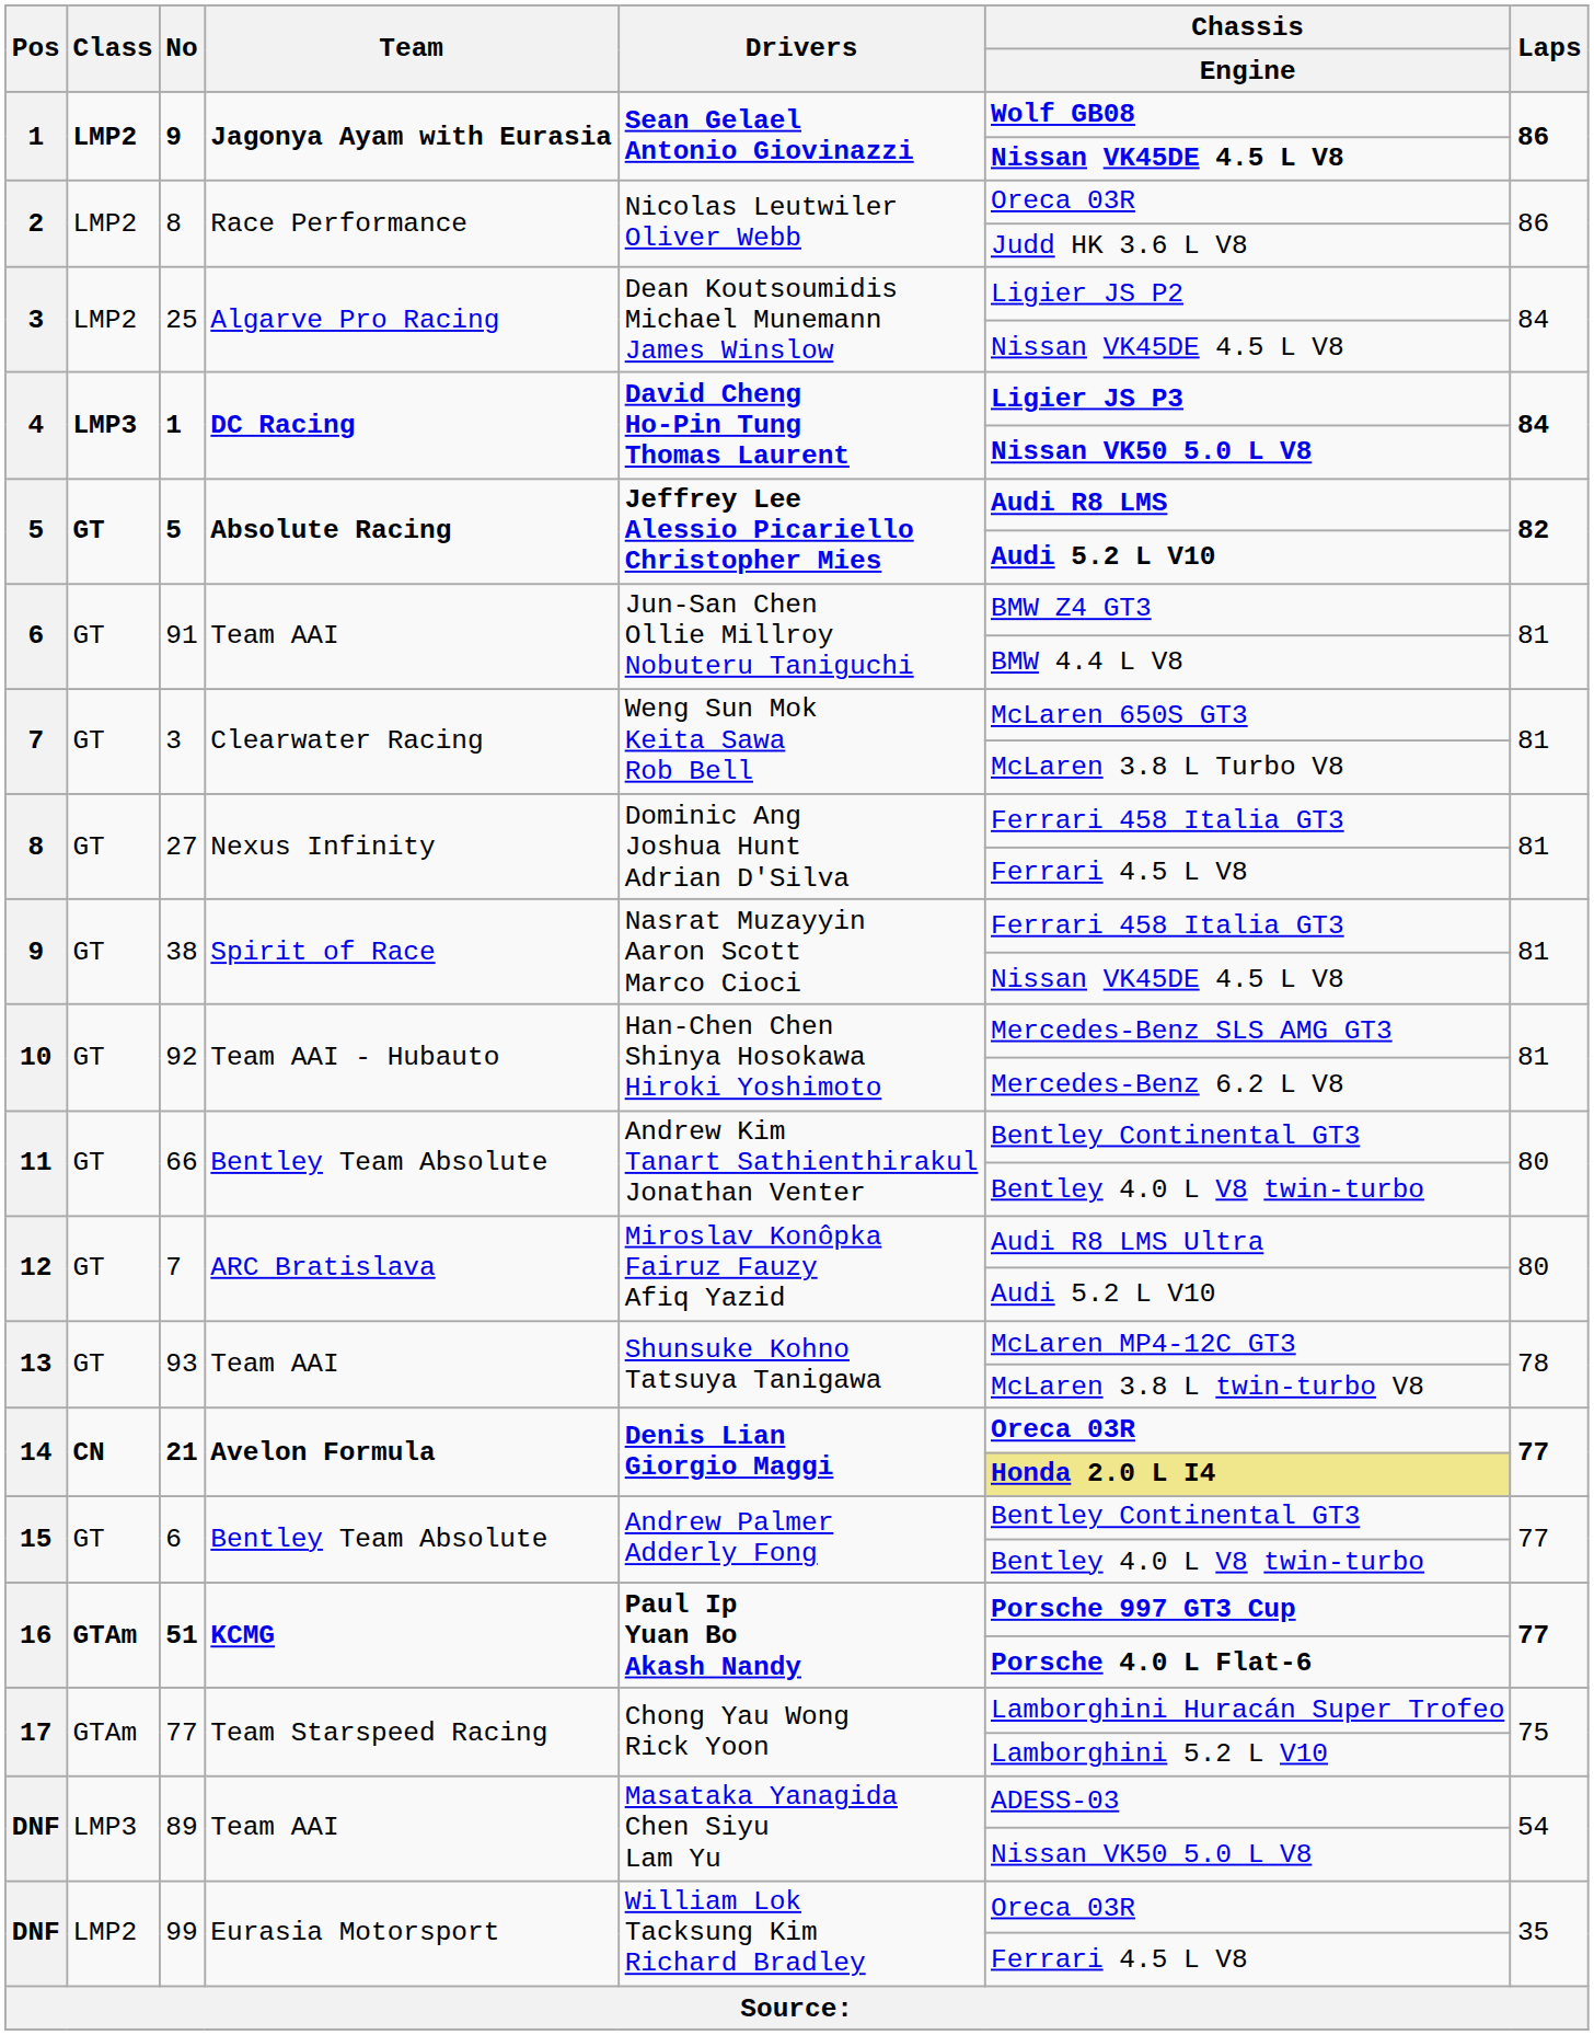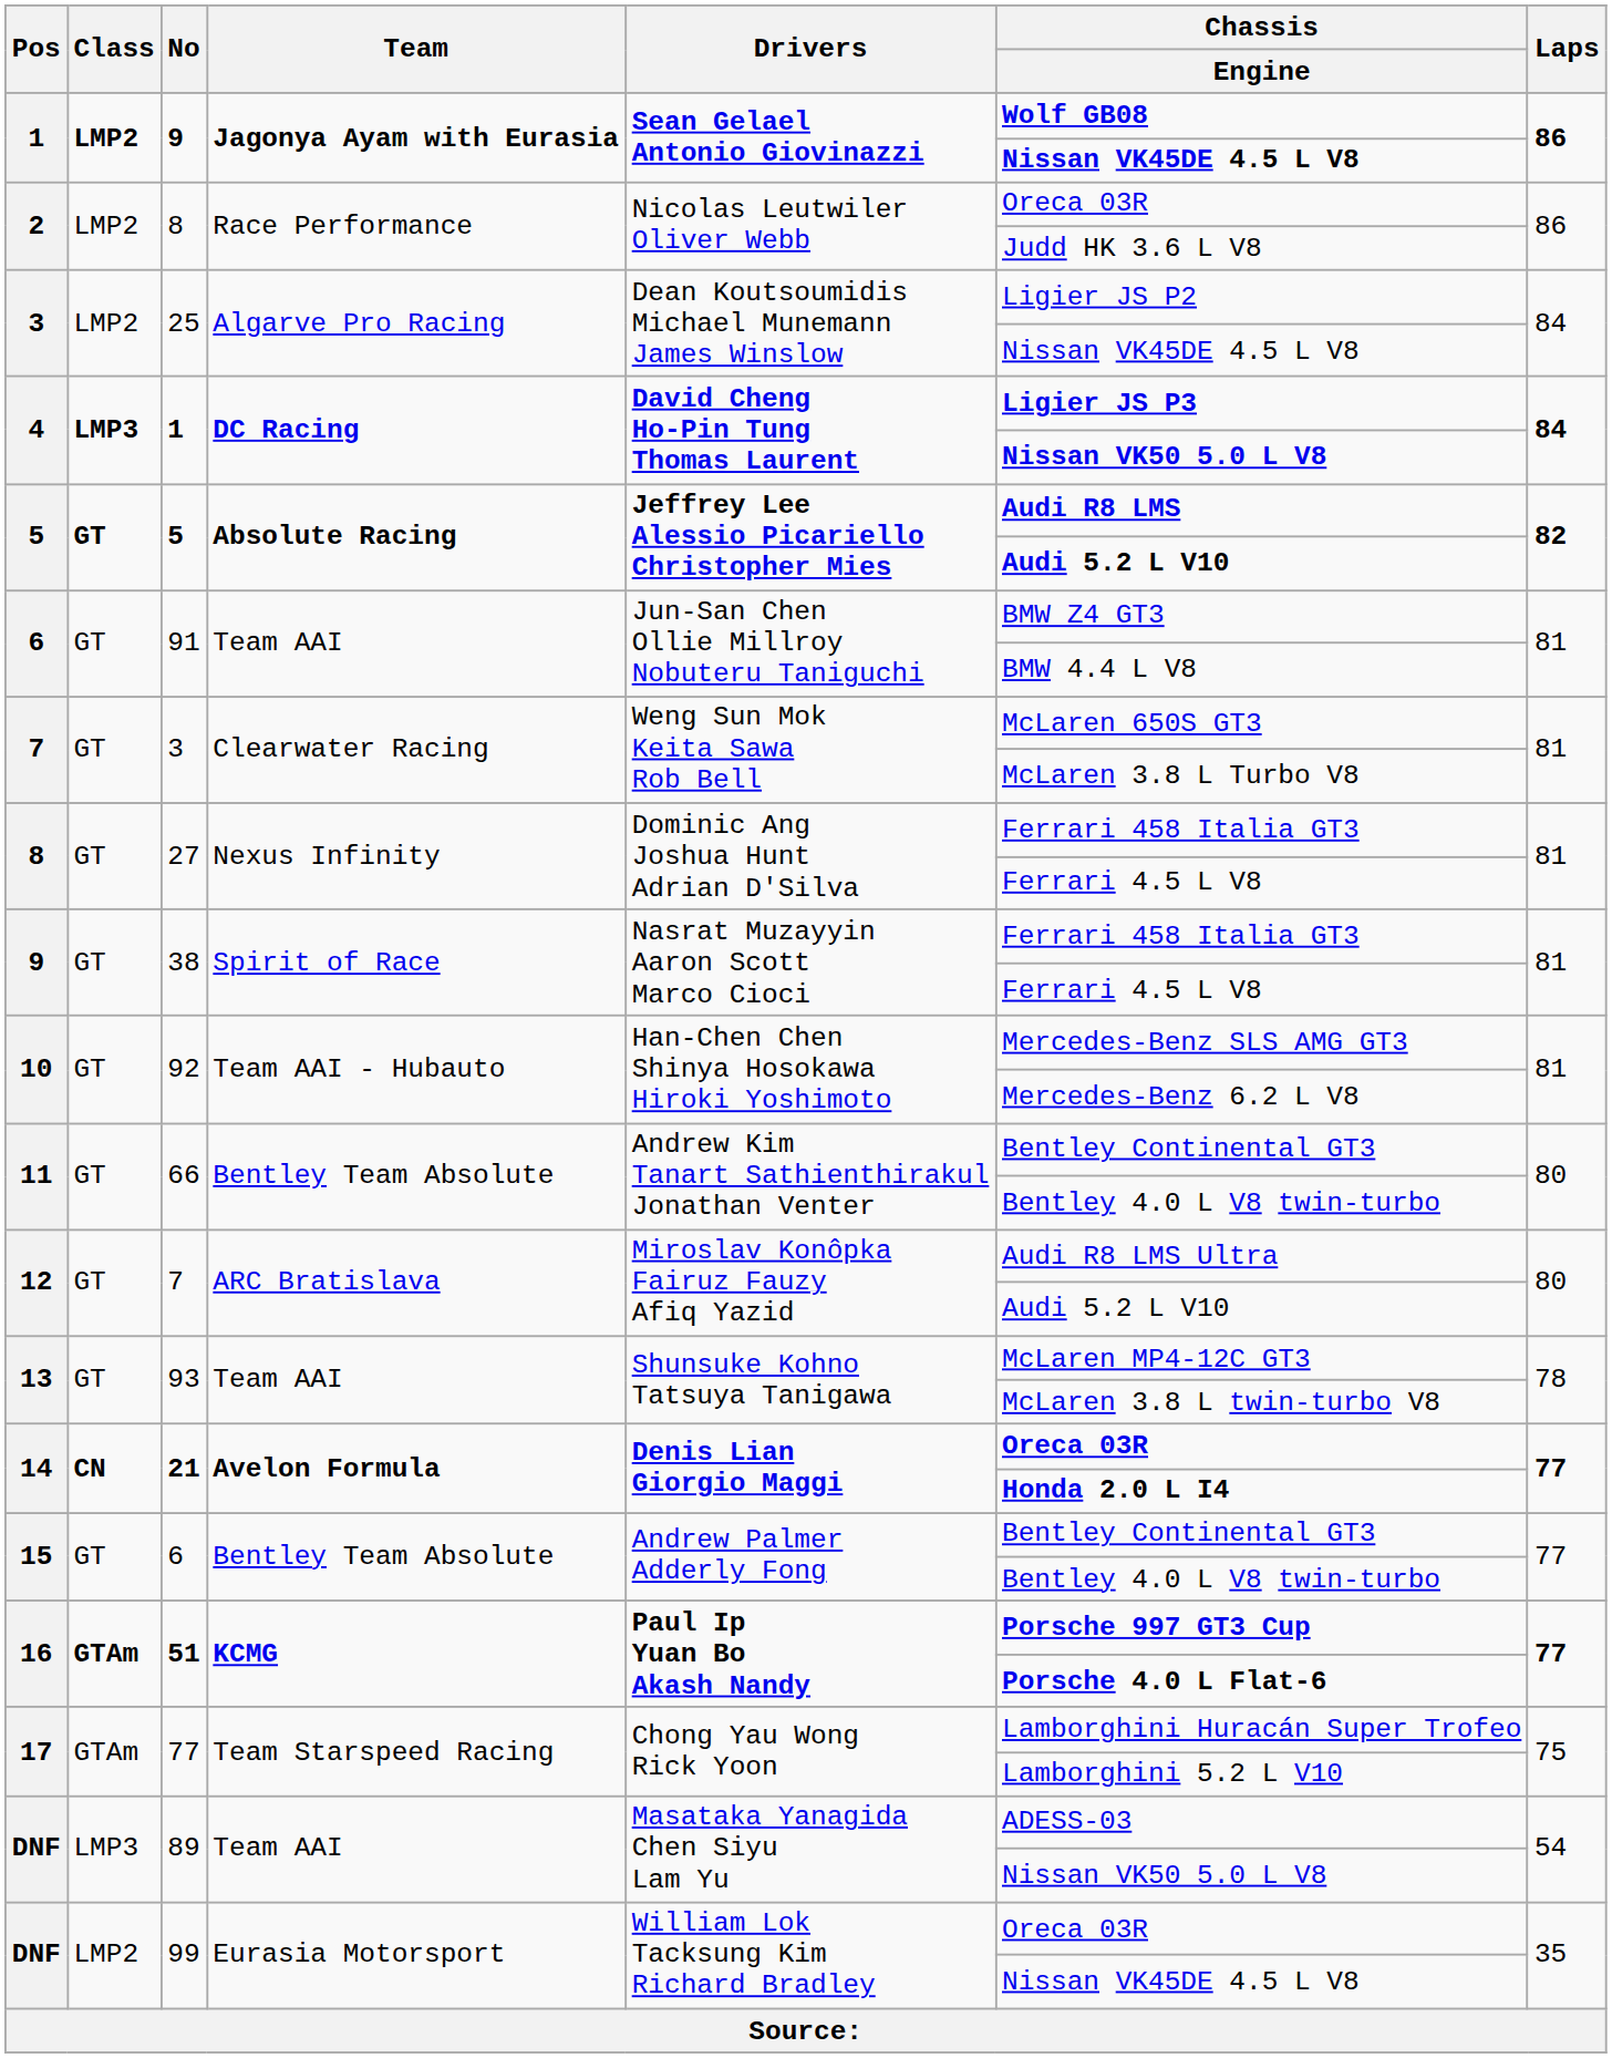 <table class="wikitable">
 <tr>
 <th rowspan="2">Pos</th>
 <th rowspan="2">Class</th>
 <th rowspan="2">No</th>
 <th rowspan="2">Team</th>
 <th rowspan="2">Drivers</th>
 <th>Chassis</th>
 <th rowspan="2">Laps</th>
 </tr>
 <tr>
 <th>Engine</th>
 </tr>
 <tr>
 <th rowspan="2">1</th>
 <td rowspan="2"><strong>LMP2</strong></td>
 <td rowspan="2"><strong>9</strong></td>
 <td rowspan="2"><strong> Jagonya Ayam with Eurasia</strong></td>
 <td rowspan="2"><strong> <a href='#'>Sean Gelael</a></strong><br><strong> <a href='#'>Antonio Giovinazzi</a></strong></td>
 <td><strong><a href='#'>Wolf GB08</a></strong></td>
 <td rowspan="2"><strong>86</strong></td>
 </tr>
 <tr>
 <td><strong><a href='#'>Nissan</a> <a href='#'>VK45DE</a> 4.5 L V8</strong></td>
 </tr>
 <tr>
 <th rowspan="2">2</th>
 <td rowspan="2">LMP2</td>
 <td rowspan="2">8</td>
 <td rowspan="2"> Race Performance</td>
 <td rowspan="2"> Nicolas Leutwiler<br> <a href='#'>Oliver Webb</a></td>
 <td><a href='#'>Oreca 03R</a></td>
 <td rowspan="2">86</td>
 </tr>
 <tr>
 <td><a href='#'>Judd</a> HK 3.6 L V8</td>
 </tr>
 <tr>
 <th rowspan="2">3</th>
 <td rowspan="2">LMP2</td>
 <td rowspan="2">25</td>
 <td rowspan="2"> <a href='#'>Algarve Pro Racing</a></td>
 <td rowspan="2"> Dean Koutsoumidis<br> Michael Munemann<br> <a href='#'>James Winslow</a></td>
 <td><a href='#'>Ligier JS P2</a></td>
 <td rowspan="2">84</td>
 </tr>
 <tr>
 <td><a href='#'>Nissan</a> <a href='#'>VK45DE</a> 4.5 L V8</td>
 </tr>
 <tr>
 <th rowspan="2">4</th>
 <td rowspan="2"><strong>LMP3</strong></td>
 <td rowspan="2"><strong>1</strong></td>
 <td rowspan="2"><strong> <a href='#'>DC Racing</a></strong></td>
 <td rowspan="2"><strong> <a href='#'>David Cheng</a></strong><br><strong> <a href='#'>Ho-Pin Tung</a></strong><br><strong> <a href='#'>Thomas Laurent</a></strong></td>
 <td><strong><a href='#'>Ligier JS P3</a></strong></td>
 <td rowspan="2"><strong>84</strong></td>
 </tr>
 <tr>
 <td><a href='#'><strong>Nissan VK50 5.0 L V8</strong></a></td>
 </tr>
 <tr>
 <th rowspan="2">5</th>
 <td rowspan="2"><strong>GT</strong></td>
 <td rowspan="2"><strong>5</strong></td>
 <td rowspan="2"><strong> Absolute Racing</strong></td>
 <td rowspan="2"><strong> Jeffrey Lee</strong><br><strong> <a href='#'>Alessio Picariello</a></strong><br><strong> <a href='#'>Christopher Mies</a></strong></td>
 <td><a href='#'><strong>Audi R8 LMS</strong></a></td>
 <td rowspan="2"><strong>82</strong></td>
 </tr>
 <tr>
 <td><strong><a href='#'>Audi</a> 5.2 L V10</strong></td>
 </tr>
 <tr>
 <th rowspan="2">6</th>
 <td rowspan="2">GT</td>
 <td rowspan="2">91</td>
 <td rowspan="2"> Team AAI</td>
 <td rowspan="2"> Jun-San Chen<br> Ollie Millroy<br> <a href='#'>Nobuteru Taniguchi</a></td>
 <td><a href='#'>BMW Z4 GT3</a></td>
 <td rowspan="2">81</td>
 </tr>
 <tr>
 <td><a href='#'>BMW</a> 4.4 L V8</td>
 </tr>
 <tr>
 <th rowspan="2">7</th>
 <td rowspan="2">GT</td>
 <td rowspan="2">3</td>
 <td rowspan="2"> Clearwater Racing</td>
 <td rowspan="2"> Weng Sun Mok<br> <a href='#'>Keita Sawa</a><br> <a href='#'>Rob Bell</a></td>
 <td><a href='#'>McLaren 650S GT3</a></td>
 <td rowspan="2">81</td>
 </tr>
 <tr>
 <td><a href='#'>McLaren</a> 3.8 L Turbo V8</td>
 </tr>
 <tr>
 <th rowspan="2">8</th>
 <td rowspan="2">GT</td>
 <td rowspan="2">27</td>
 <td rowspan="2"> Nexus Infinity</td>
 <td rowspan="2"> Dominic Ang<br> Joshua Hunt<br> Adrian D'Silva</td>
 <td><a href='#'>Ferrari 458 Italia GT3</a></td>
 <td rowspan="2">81</td>
 </tr>
 <tr>
 <td><a href='#'>Ferrari</a> 4.5 L V8</td>
 </tr>
 <tr>
 <th rowspan="2">9</th>
 <td rowspan="2">GT</td>
 <td rowspan="2">38</td>
 <td rowspan="2"> <a href='#'>Spirit of Race</a></td>
 <td rowspan="2"> Nasrat Muzayyin<br> Aaron Scott<br> Marco Cioci</td>
 <td><a href='#'>Ferrari 458 Italia GT3</a></td>
 <td rowspan="2">81</td>
 </tr>
 <tr>
-<td><a href='#'>Nissan</a> <a href='#'>VK45DE</a> 4.5 L V8</td>
+<td><a href='#'>Ferrari</a> 4.5 L V8</td>
 </tr>
 <tr>
 <th rowspan="2">10</th>
 <td rowspan="2">GT</td>
 <td rowspan="2">92</td>
 <td rowspan="2"> Team AAI - Hubauto</td>
 <td rowspan="2"> Han-Chen Chen<br> Shinya Hosokawa<br> <a href='#'>Hiroki Yoshimoto</a></td>
 <td><a href='#'>Mercedes-Benz SLS AMG GT3</a></td>
 <td rowspan="2">81</td>
 </tr>
 <tr>
 <td><a href='#'>Mercedes-Benz</a> 6.2 L V8</td>
 </tr>
 <tr>
 <th rowspan="2">11</th>
 <td rowspan="2">GT</td>
 <td rowspan="2">66</td>
 <td rowspan="2"> <a href='#'>Bentley</a> Team Absolute</td>
 <td rowspan="2"> Andrew Kim<br> <a href='#'>Tanart Sathienthirakul</a><br> Jonathan Venter</td>
 <td><a href='#'>Bentley Continental GT3</a></td>
 <td rowspan="2">80</td>
 </tr>
 <tr>
 <td><a href='#'>Bentley</a> 4.0 L <a href='#'>V8</a> <a href='#'>twin-turbo</a></td>
 </tr>
 <tr>
 <th rowspan="2">12</th>
 <td rowspan="2">GT</td>
 <td rowspan="2">7</td>
 <td rowspan="2"> <a href='#'>ARC Bratislava</a></td>
 <td rowspan="2"> <a href='#'>Miroslav Konôpka</a><br> <a href='#'>Fairuz Fauzy</a><br> Afiq Yazid</td>
 <td><a href='#'>Audi R8 LMS Ultra</a></td>
 <td rowspan="2">80</td>
 </tr>
 <tr>
 <td><a href='#'>Audi</a> 5.2 L V10</td>
 </tr>
 <tr>
 <th rowspan="2">13</th>
 <td rowspan="2">GT</td>
 <td rowspan="2">93</td>
 <td rowspan="2"> Team AAI</td>
 <td rowspan="2"> <a href='#'>Shunsuke Kohno</a><br> Tatsuya Tanigawa</td>
 <td><a href='#'>McLaren MP4-12C GT3</a></td>
 <td rowspan="2">78</td>
 </tr>
 <tr>
 <td><a href='#'>McLaren</a> 3.8 L <a href='#'>twin-turbo</a> V8</td>
 </tr>
 <tr>
 <th rowspan="2">14</th>
 <td rowspan="2"><strong>CN</strong></td>
 <td rowspan="2"><strong>21</strong></td>
 <td rowspan="2"><strong> Avelon Formula</strong></td>
 <td rowspan="2"><strong> <a href='#'>Denis Lian</a><br> <a href='#'>Giorgio Maggi</a></strong></td>
 <td><strong><a href='#'>Oreca 03R</a></strong></td>
 <td rowspan="2"><strong>77</strong></td>
 </tr>
 <tr>
-<td style="background: khaki;"><strong><a href='#'>Honda</a> 2.0 L I4</strong></td>
+<td><strong><a href='#'>Honda</a> 2.0 L I4</strong></td>
 </tr>
 <tr>
 <th rowspan="2">15</th>
 <td rowspan="2">GT</td>
 <td rowspan="2">6</td>
 <td rowspan="2"> <a href='#'>Bentley</a> Team Absolute</td>
 <td rowspan="2"> <a href='#'>Andrew Palmer</a><br> <a href='#'>Adderly Fong</a></td>
 <td><a href='#'>Bentley Continental GT3</a></td>
 <td rowspan="2">77</td>
 </tr>
 <tr>
 <td><a href='#'>Bentley</a> 4.0 L <a href='#'>V8</a> <a href='#'>twin-turbo</a></td>
 </tr>
 <tr>
 <th rowspan="2">16</th>
 <td rowspan="2"><strong>GTAm</strong></td>
 <td rowspan="2"><strong>51</strong></td>
 <td rowspan="2"><strong> <a href='#'>KCMG</a></strong></td>
 <td rowspan="2"><strong> Paul Ip</strong><br><strong> Yuan Bo</strong><br><strong> <a href='#'>Akash Nandy</a></strong></td>
 <td><a href='#'><strong>Porsche 997 GT3 Cup</strong></a></td>
 <td rowspan="2"><strong>77</strong></td>
 </tr>
 <tr>
 <td><strong><a href='#'>Porsche</a> 4.0 L Flat-6</strong></td>
 </tr>
 <tr>
 <th rowspan="2">17</th>
 <td rowspan="2">GTAm</td>
 <td rowspan="2">77</td>
 <td rowspan="2"> Team Starspeed Racing</td>
 <td rowspan="2"> Chong Yau Wong<br> Rick Yoon</td>
 <td><a href='#'>Lamborghini Huracán Super Trofeo</a></td>
 <td rowspan="2">75</td>
 </tr>
 <tr>
 <td><a href='#'>Lamborghini</a> 5.2 L <a href='#'>V10</a></td>
 </tr>
 <tr>
 <th rowspan="2">DNF</th>
 <td rowspan="2">LMP3</td>
 <td rowspan="2">89</td>
 <td rowspan="2"> Team AAI</td>
 <td rowspan="2"> <a href='#'>Masataka Yanagida</a><br> Chen Siyu<br> Lam Yu</td>
 <td><a href='#'>ADESS-03</a></td>
 <td rowspan="2">54</td>
 </tr>
 <tr>
 <td><a href='#'>Nissan VK50 5.0 L V8</a></td>
 </tr>
 <tr>
 <th rowspan="2">DNF</th>
 <td rowspan="2">LMP2</td>
 <td rowspan="2">99</td>
 <td rowspan="2"> Eurasia Motorsport</td>
 <td rowspan="2"> <a href='#'>William Lok</a><br> Tacksung Kim<br> <a href='#'>Richard Bradley</a></td>
 <td><a href='#'>Oreca 03R</a></td>
 <td rowspan="2">35</td>
 </tr>
 <tr>
-<td><a href='#'>Ferrari</a> 4.5 L V8</td>
+<td><a href='#'>Nissan</a> <a href='#'>VK45DE</a> 4.5 L V8</td>
 </tr>
 <tr>
 <th colspan="7">Source:</th>
 </tr>
 </table>
